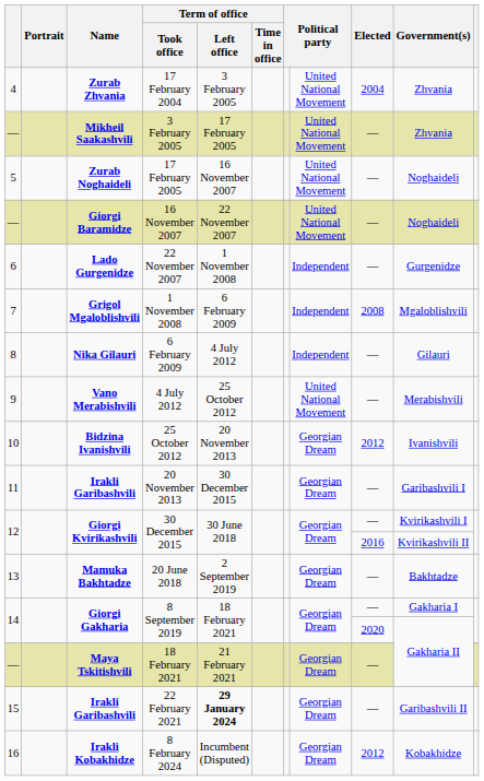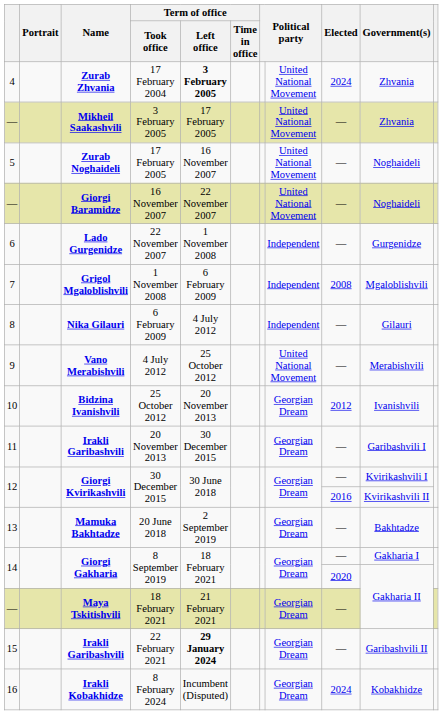 <table class="wikitable" style="text-align:center">
 <tr>
 <th rowspan=2></th>
 <th rowspan=2>Portrait</th>
 <th rowspan=2>Name<br></th>
 <th colspan=3>Term of office</th>
 <th colspan=2 rowspan=2>Political party</th>
 <th rowspan=2>Elected</th>
 <th rowspan=2>Government(s)</th>
 <th rowspan=2></th>
 </tr>
 <tr>
 <th>Took office</th>
 <th>Left office</th>
 <th>Time in office</th>
 </tr>
 <tr>
 <td>4</td>
 <td></td>
 <td><strong><a href='#'>Zurab Zhvania</a></strong><br></td>
 <td>17 February 2004</td>
-<td>3 February 2005</td>
+<td><strong>3 February 2005</strong></td>
 <td></td>
 <td style="background:"></td>
 <td><a href='#'>United National Movement</a></td>
-<td><a href='#'>2004</a></td>
+<td><a href='#'>2024</a></td>
 <td><a href='#'>Zhvania</a></td>
 <td></td>
 </tr>
 <tr style="background:#e6e6aa;">
 <td>—</td>
 <td></td>
 <td><strong><a href='#'>Mikheil Saakashvili</a></strong><br></td>
 <td>3 February 2005</td>
 <td>17 February 2005</td>
 <td></td>
 <td style="background:"></td>
 <td><a href='#'>United National Movement</a></td>
 <td>—</td>
 <td><a href='#'>Zhvania</a></td>
 <td></td>
 </tr>
 <tr>
 <td>5</td>
 <td></td>
 <td><strong><a href='#'>Zurab Noghaideli</a></strong><br></td>
 <td>17 February 2005</td>
 <td>16 November 2007</td>
 <td></td>
 <td style="background:"></td>
 <td><a href='#'>United National Movement</a></td>
 <td>—</td>
 <td><a href='#'>Noghaideli</a></td>
 <td></td>
 </tr>
 <tr style="background:#e6e6aa;">
 <td>—</td>
 <td></td>
 <td><strong><a href='#'>Giorgi Baramidze</a></strong><br></td>
 <td>16 November 2007</td>
 <td>22 November 2007</td>
 <td></td>
 <td style="background:"></td>
 <td><a href='#'>United National Movement</a></td>
 <td>—</td>
 <td><a href='#'>Noghaideli</a></td>
 <td></td>
 </tr>
 <tr>
 <td>6</td>
 <td></td>
 <td><strong><a href='#'>Lado Gurgenidze</a></strong><br></td>
 <td>22 November 2007</td>
 <td>1 November 2008</td>
 <td></td>
 <td style="background:"></td>
 <td><a href='#'>Independent</a></td>
 <td>—</td>
 <td><a href='#'>Gurgenidze</a></td>
 <td></td>
 </tr>
 <tr>
 <td>7</td>
 <td></td>
 <td><strong><a href='#'>Grigol Mgaloblishvili</a></strong><br></td>
 <td>1 November 2008</td>
 <td>6 February 2009</td>
 <td></td>
 <td style="background:"></td>
 <td><a href='#'>Independent</a></td>
 <td><a href='#'>2008</a></td>
 <td><a href='#'>Mgaloblishvili</a></td>
 <td></td>
 </tr>
 <tr>
 <td>8</td>
 <td></td>
 <td><strong><a href='#'>Nika Gilauri</a></strong><br></td>
 <td>6 February 2009</td>
 <td>4 July 2012</td>
 <td></td>
 <td style="background:"></td>
 <td><a href='#'>Independent</a></td>
 <td>—</td>
 <td><a href='#'>Gilauri</a></td>
 <td></td>
 </tr>
 <tr>
 <td>9</td>
 <td></td>
 <td><strong><a href='#'>Vano Merabishvili</a></strong><br></td>
 <td>4 July 2012</td>
 <td>25 October 2012</td>
 <td></td>
 <td style="background:"></td>
 <td><a href='#'>United National Movement</a></td>
 <td>—</td>
 <td><a href='#'>Merabishvili</a></td>
 <td></td>
 </tr>
 <tr>
 <td>10</td>
 <td></td>
 <td><strong><a href='#'>Bidzina Ivanishvili</a></strong><br></td>
 <td>25 October 2012</td>
 <td>20 November 2013</td>
 <td></td>
 <td style="background:"></td>
 <td><a href='#'>Georgian Dream</a></td>
 <td><a href='#'>2012</a></td>
 <td><a href='#'>Ivanishvili</a></td>
 <td></td>
 </tr>
 <tr>
 <td>11</td>
 <td></td>
 <td><strong><a href='#'>Irakli Garibashvili</a></strong><br></td>
 <td>20 November 2013</td>
 <td>30 December 2015</td>
 <td></td>
 <td style="background:"></td>
 <td><a href='#'>Georgian Dream</a></td>
 <td>—</td>
 <td><a href='#'>Garibashvili I</a></td>
 <td></td>
 </tr>
 <tr>
 <td rowspan=2>12</td>
 <td rowspan=2></td>
 <td rowspan=2><strong><a href='#'>Giorgi Kvirikashvili</a></strong><br></td>
 <td rowspan=2>30 December 2015</td>
 <td rowspan=2>30 June 2018</td>
 <td rowspan=2></td>
 <td rowspan=2 style="background:"></td>
 <td rowspan=2><a href='#'>Georgian Dream</a></td>
 <td>—</td>
 <td><a href='#'>Kvirikashvili I</a></td>
 <td rowspan=2></td>
 </tr>
 <tr>
 <td><a href='#'>2016</a></td>
 <td><a href='#'>Kvirikashvili II</a></td>
 </tr>
 <tr>
 <td>13</td>
 <td></td>
 <td><strong><a href='#'>Mamuka Bakhtadze</a></strong><br></td>
 <td>20 June 2018</td>
 <td>2 September 2019</td>
 <td></td>
 <td style="background:"></td>
 <td><a href='#'>Georgian Dream</a></td>
 <td>—</td>
 <td><a href='#'>Bakhtadze</a></td>
 <td></td>
 </tr>
 <tr>
 <td rowspan=2>14</td>
 <td rowspan=2></td>
 <td rowspan=2><strong><a href='#'>Giorgi Gakharia</a></strong><br></td>
 <td rowspan=2>8 September 2019</td>
 <td rowspan=2>18 February 2021</td>
 <td rowspan=2></td>
 <td rowspan=2 style="background:"></td>
 <td rowspan=2><a href='#'>Georgian Dream</a></td>
 <td>—</td>
 <td><a href='#'>Gakharia I</a></td>
 <td rowspan=2></td>
 </tr>
 <tr>
 <td><a href='#'>2020</a></td>
 <td rowspan=2><a href='#'>Gakharia II</a></td>
 </tr>
 <tr style="background:#e6e6aa;">
 <td>—</td>
 <td></td>
 <td><strong><a href='#'>Maya Tskitishvili</a></strong><br></td>
 <td>18 February 2021</td>
 <td>21 February 2021</td>
 <td></td>
 <td style="background:"></td>
 <td><a href='#'>Georgian Dream</a></td>
 <td>—</td>
 <td></td>
 </tr>
 <tr>
 <td>15</td>
 <td></td>
 <td><strong><a href='#'>Irakli Garibashvili</a></strong><br></td>
 <td>22 February 2021</td>
 <td><strong>29 January 2024</strong></td>
 <td></td>
 <td style="background:"></td>
 <td><a href='#'>Georgian Dream</a></td>
 <td>—</td>
 <td><a href='#'>Garibashvili II</a></td>
 </tr>
 <tr>
 <td>16</td>
 <td></td>
 <td><strong><a href='#'>Irakli Kobakhidze</a></strong><br></td>
 <td>8 February 2024</td>
 <td>Incumbent (Disputed)</td>
 <td></td>
 <td style="background:"></td>
 <td><a href='#'>Georgian Dream</a></td>
-<td><a href='#'>2012</a></td>
+<td><a href='#'>2024</a></td>
 <td><a href='#'>Kobakhidze</a></td>
 <td></td>
 </tr>
 </table>
